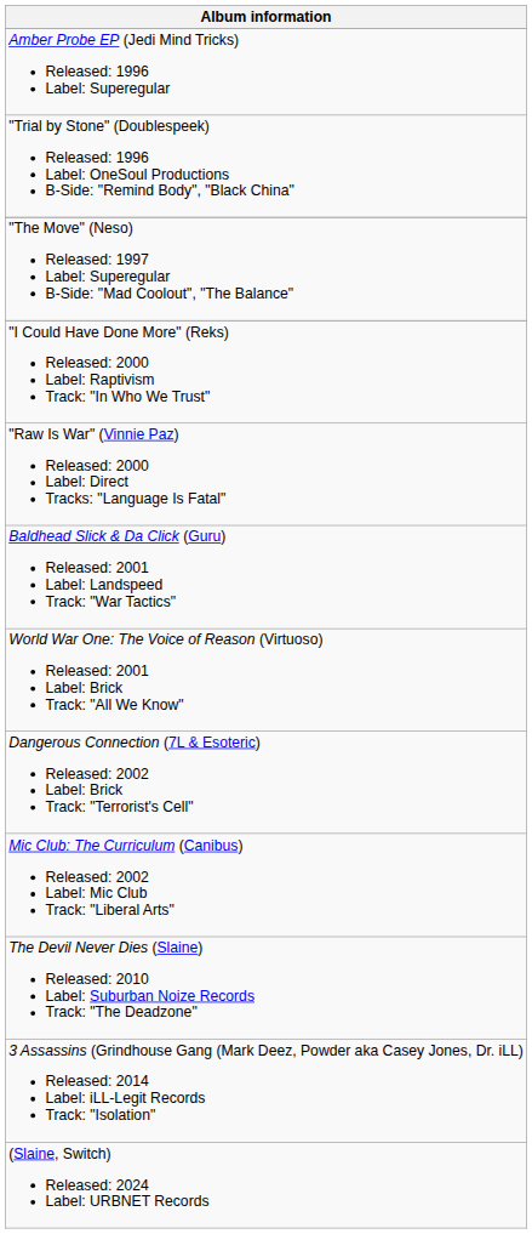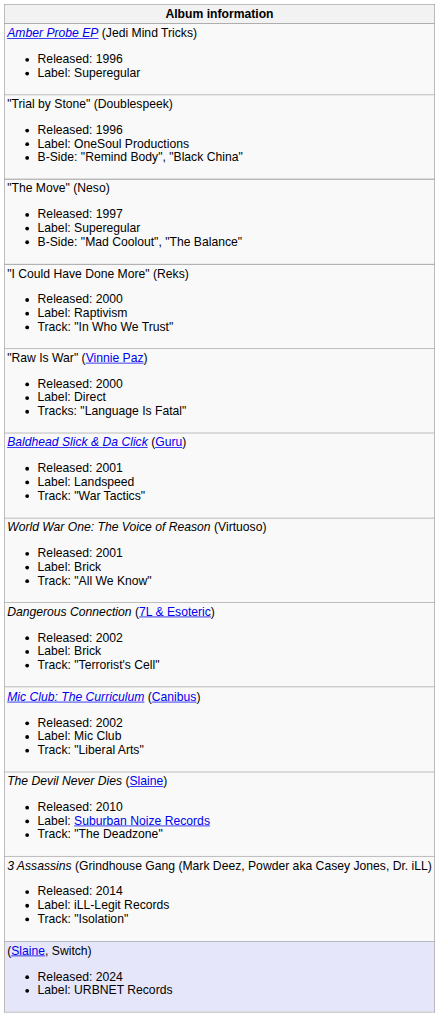 <table class="wikitable">
 <tr>
 <th align="left">Album information</th>
 </tr>
 <tr>
 </tr>
 <tr>
 <td><em><a href='#'>Amber Probe EP</a></em> (Jedi Mind Tricks)<br><ul><li>Released: 1996</li><li>Label: Superegular</li></ul></td>
 </tr>
 <tr>
 <td>"Trial by Stone" (Doublespeek)<br><ul><li>Released: 1996</li><li>Label: OneSoul Productions</li><li>B-Side: "Remind Body", "Black China"</li></ul></td>
 </tr>
 <tr>
 </tr>
 <tr>
 <td>"The Move" (Neso)<br><ul><li>Released: 1997</li><li>Label: Superegular</li><li>B-Side: "Mad Coolout", "The Balance"</li></ul></td>
 </tr>
 <tr>
 </tr>
 <tr>
 <td>"I Could Have Done More" (Reks)<br><ul><li>Released: 2000</li><li>Label: Raptivism</li><li>Track: "In Who We Trust"</li></ul></td>
 </tr>
 <tr>
 <td>"Raw Is War" (<a href='#'>Vinnie Paz</a>)<br><ul><li>Released: 2000</li><li>Label: Direct</li><li>Tracks: "Language Is Fatal"</li></ul></td>
 </tr>
 <tr>
 <td><em><a href='#'>Baldhead Slick & Da Click</a></em> (<a href='#'>Guru</a>)<br><ul><li>Released: 2001</li><li>Label: Landspeed</li><li>Track: "War Tactics"</li></ul></td>
 </tr>
 <tr>
 <td><em>World War One: The Voice of Reason</em> (Virtuoso)<br><ul><li>Released: 2001</li><li>Label: Brick</li><li>Track: "All We Know"</li></ul></td>
 </tr>
 <tr>
 <td><em>Dangerous Connection</em> (<a href='#'>7L & Esoteric</a>)<br><ul><li>Released: 2002</li><li>Label: Brick</li><li>Track: "Terrorist's Cell"</li></ul></td>
 </tr>
 <tr>
 <td><em><a href='#'>Mic Club: The Curriculum</a></em> (<a href='#'>Canibus</a>)<br><ul><li>Released: 2002</li><li>Label: Mic Club</li><li>Track: "Liberal Arts"</li></ul></td>
 </tr>
 <tr>
 <td><em>The Devil Never Dies</em> (<a href='#'>Slaine</a>)<br><ul><li>Released: 2010</li><li>Label: <a href='#'>Suburban Noize Records</a></li><li>Track: "The Deadzone"</li></ul></td>
 </tr>
 <tr>
 <td><em>3 Assassins</em> (Grindhouse Gang (Mark Deez, Powder aka Casey Jones, Dr. iLL)<br><ul><li>Released: 2014</li><li>Label: iLL-Legit Records</li><li>Track: "Isolation" </li></ul></td>
 </tr>
 <tr>
-<td><em></em> (<a href='#'>Slaine</a>, Switch)<br><ul><li>Released: 2024</li><li>Label: URBNET Records</li></ul></td>
+<td style="background: lavender;"><em></em> (<a href='#'>Slaine</a>, Switch)<br><ul><li>Released: 2024</li><li>Label: URBNET Records</li></ul></td>
 </tr>
 </table>
